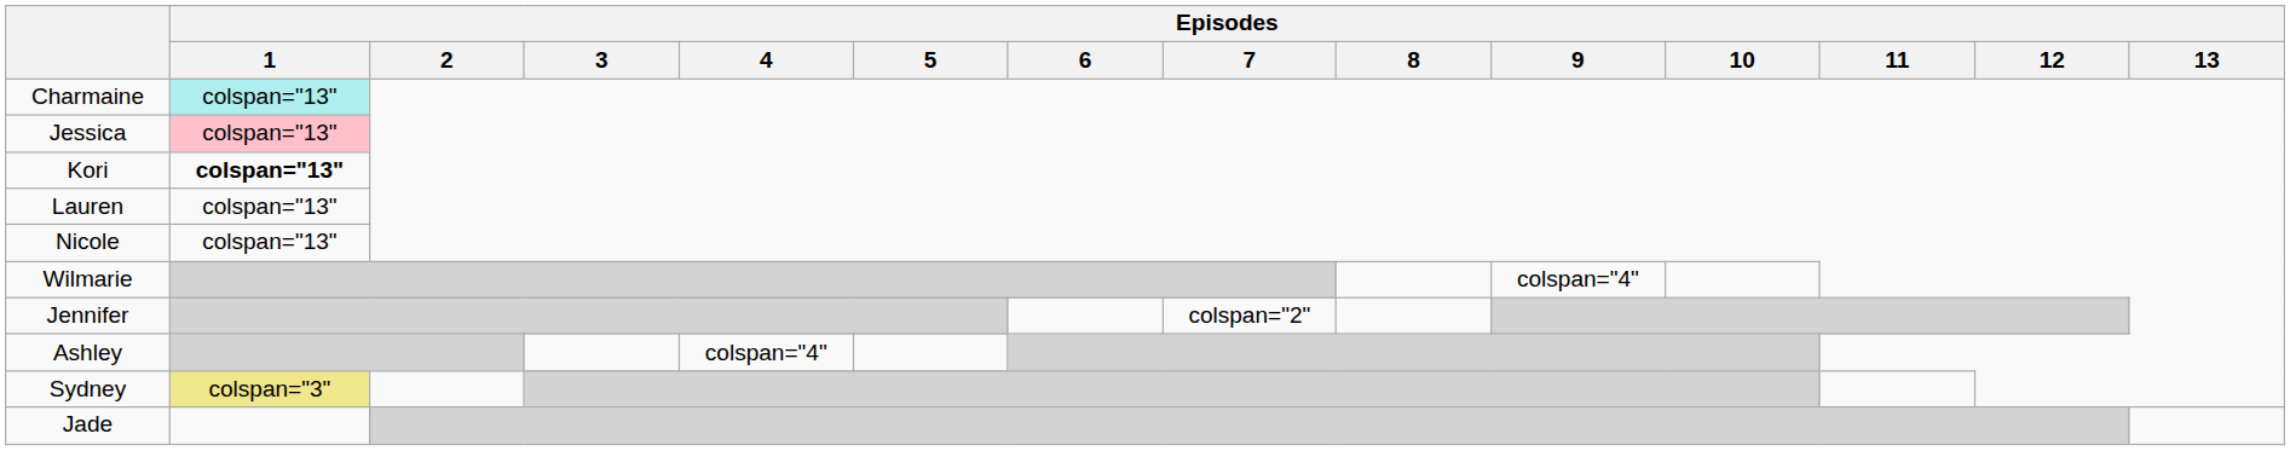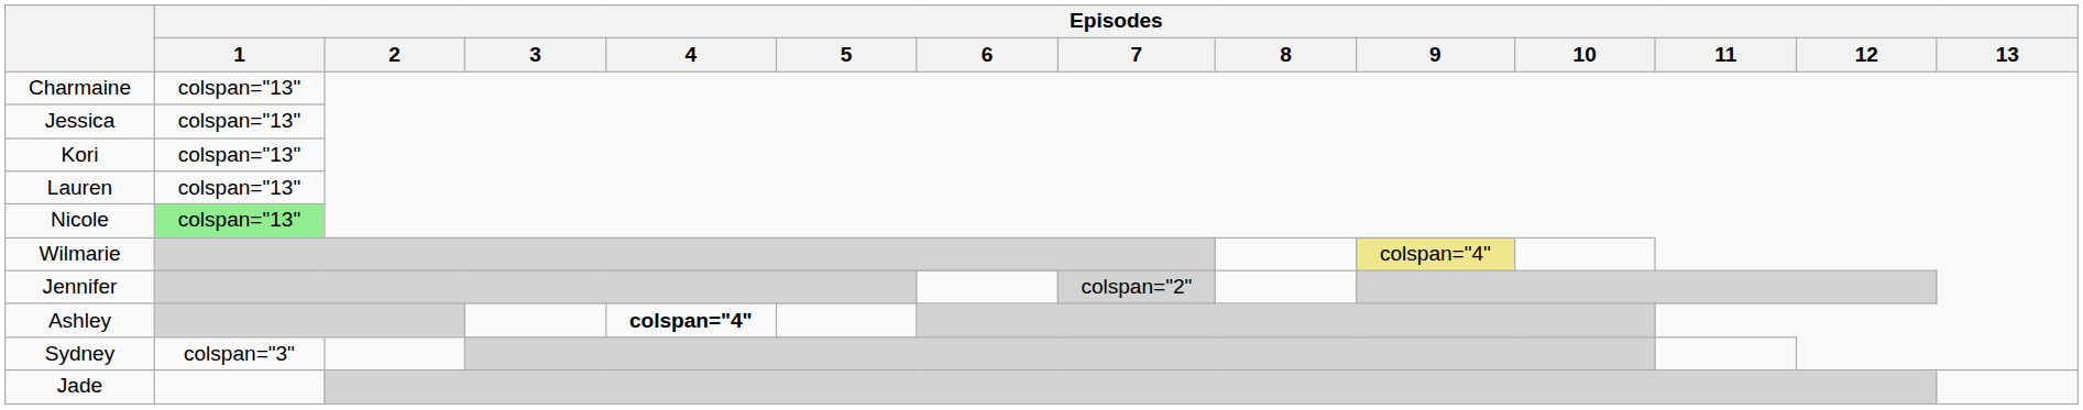 <table class="wikitable plainrowheaders" style="text-align:center; width:100%;">
 <tr>
 <th scope="col" rowspan="2" style="width:5%;"></th>
 <th scope="col" colspan="13">Episodes</th>
 </tr>
 <tr>
 <th scope="col" style="width:5%;">1</th>
 <th scope="col" style="width:5%;">2</th>
 <th scope="col" style="width:5%;">3</th>
 <th scope="col" style="width:5%;">4</th>
 <th scope="col" style="width:5%;">5</th>
 <th scope="col" style="width:5%;">6</th>
 <th scope="col" style="width:5%;">7</th>
 <th scope="col" style="width:5%;">8</th>
 <th scope="col" style="width:5%;">9</th>
 <th scope="col" style="width:5%;">10</th>
 <th scope="col" style="width:5%;">11</th>
 <th scope="col" style="width:5%;">12</th>
 <th scope="col" style="width:5%;">13</th>
 </tr>
 <tr>
 <td scope="row">Charmaine</td>
-<td style="background: paleturquoise;">colspan="13" </td>
+<td>colspan="13" </td>
 </tr>
 <tr>
 <td scope="row">Jessica</td>
-<td style="background: pink;">colspan="13" </td>
+<td>colspan="13" </td>
 </tr>
 <tr>
 <td scope="row">Kori</td>
-<td><strong>colspan="13" </strong></td>
+<td>colspan="13" </td>
 </tr>
 <tr>
 <td scope="row">Lauren</td>
 <td>colspan="13" </td>
 </tr>
 <tr>
 <td scope="row">Nicole</td>
-<td>colspan="13" </td>
+<td style="background: lightgreen;">colspan="13" </td>
 </tr>
 <tr>
 <td scope="row">Wilmarie</td>
 <td colspan="7" style="background:lightgray;"></td>
 <td></td>
-<td>colspan="4" </td>
+<td style="background: khaki;">colspan="4" </td>
 <td></td>
 </tr>
 <tr>
 <td scope="row">Jennifer</td>
 <td colspan="5" style="background:lightgray;"></td>
 <td></td>
-<td>colspan="2" </td>
+<td style="background: lightgrey;">colspan="2" </td>
 <td></td>
 <td colspan="4" style="background:lightgray;"></td>
 </tr>
 <tr>
 <td scope="row">Ashley</td>
 <td colspan="2" style="background:lightgray;"></td>
 <td></td>
-<td>colspan="4" </td>
+<td><strong>colspan="4" </strong></td>
 <td></td>
 <td colspan="5" style="background:lightgray;"></td>
 </tr>
 <tr>
 <td scope="row">Sydney</td>
-<td style="background: khaki;">colspan="3" </td>
+<td>colspan="3" </td>
 <td></td>
 <td colspan="8" style="background:lightgray;"></td>
 <td></td>
 </tr>
 <tr>
 <td scope="row">Jade</td>
 <td></td>
 <td colspan="11" style="background:lightgray;"></td>
 <td></td>
 </tr>
 </table>
